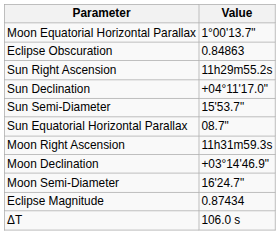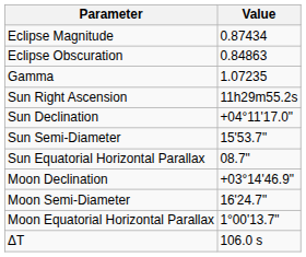 <table class="wikitable">
 <tr>
 <th>Parameter</th>
 <th>Value</th>
 </tr>
 <tr>
-<td>Moon Equatorial Horizontal Parallax</td>
-<td>1°00'13.7"</td>
+<td>Eclipse Magnitude</td>
+<td>0.87434</td>
 </tr>
 <tr>
 <td>Eclipse Obscuration</td>
 <td>0.84863</td>
+</tr>
+<tr>
+<td>Gamma</td>
+<td>1.07235</td>
 </tr>
 <tr>
 <td>Sun Right Ascension</td>
 <td>11h29m55.2s</td>
 </tr>
 <tr>
 <td>Sun Declination</td>
 <td>+04°11'17.0"</td>
 </tr>
 <tr>
 <td>Sun Semi-Diameter</td>
 <td>15'53.7"</td>
 </tr>
 <tr>
 <td>Sun Equatorial Horizontal Parallax</td>
 <td>08.7"</td>
 </tr>
 <tr>
-<td>Moon Right Ascension</td>
-<td>11h31m59.3s</td>
-</tr>
-<tr>
 <td>Moon Declination</td>
 <td>+03°14'46.9"</td>
 </tr>
 <tr>
 <td>Moon Semi-Diameter</td>
 <td>16'24.7"</td>
 </tr>
 <tr>
-<td>Eclipse Magnitude</td>
-<td>0.87434</td>
+<td>Moon Equatorial Horizontal Parallax</td>
+<td>1°00'13.7"</td>
 </tr>
 <tr>
 <td>ΔT</td>
 <td>106.0 s</td>
 </tr>
 </table>
